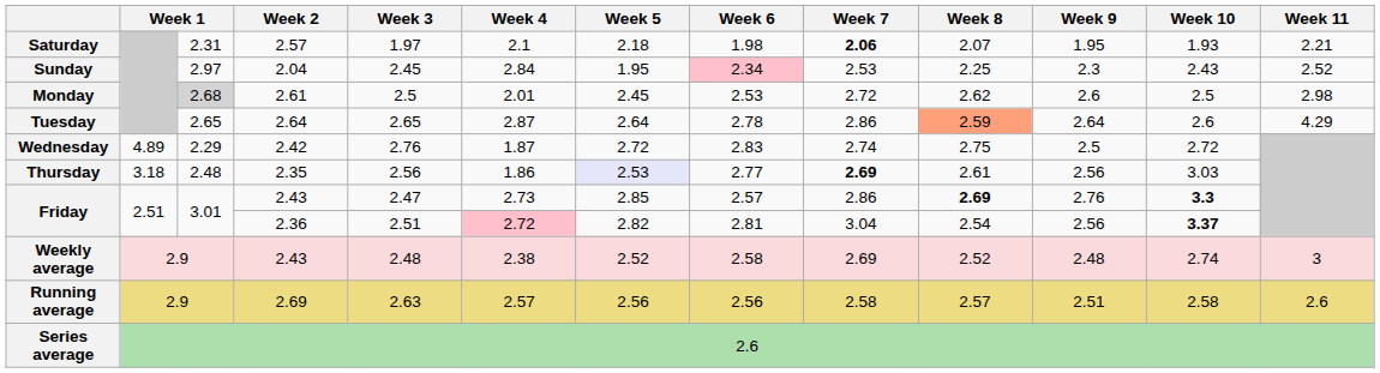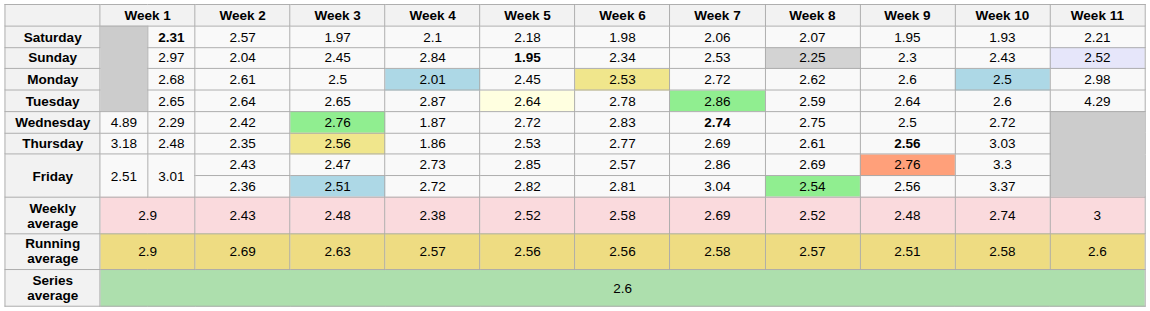 <table class="wikitable" style="font-size:90%; text-align:center; width: 96%; margin-left: auto; margin-right: auto;">
 <tr>
 <th style="width:8%"></th>
 <th style="width:8%" colspan=2>Week 1</th>
 <th style="width:8%">Week 2</th>
 <th style="width:8%">Week 3</th>
 <th style="width:8%">Week 4</th>
 <th style="width:8%">Week 5</th>
 <th style="width:8%">Week 6</th>
 <th style="width:8%">Week 7</th>
 <th style="width:8%">Week 8</th>
 <th style="width:8%">Week 9</th>
 <th style="width:8%">Week 10</th>
 <th style="width:8%">Week 11</th>
 </tr>
 <tr>
 <th>Saturday</th>
 <td style="background:#ccc;" rowspan="4"></td>
-<td>2.31</td>
+<td><strong>2.31</strong></td>
 <td>2.57</td>
 <td>1.97</td>
 <td>2.1</td>
 <td>2.18</td>
 <td>1.98</td>
-<td><strong>2.06</strong></td>
+<td>2.06</td>
 <td>2.07</td>
 <td>1.95</td>
 <td>1.93</td>
 <td>2.21</td>
 </tr>
 <tr>
 <th>Sunday</th>
 <td>2.97</td>
 <td>2.04</td>
 <td>2.45</td>
 <td>2.84</td>
-<td>1.95</td>
-<td style="background: pink;">2.34</td>
+<td><strong>1.95</strong></td>
+<td>2.34</td>
 <td>2.53</td>
-<td>2.25</td>
+<td style="background: lightgrey;">2.25</td>
 <td>2.3</td>
 <td>2.43</td>
-<td>2.52</td>
+<td style="background: lavender;">2.52</td>
 </tr>
 <tr>
 <th>Monday</th>
-<td style="background: lightgrey;">2.68</td>
+<td>2.68</td>
 <td>2.61</td>
 <td>2.5</td>
-<td>2.01</td>
+<td style="background: lightblue;">2.01</td>
 <td>2.45</td>
-<td>2.53</td>
+<td style="background: khaki;">2.53</td>
 <td>2.72</td>
 <td>2.62</td>
 <td>2.6</td>
-<td>2.5</td>
+<td style="background: lightblue;">2.5</td>
 <td>2.98</td>
 </tr>
 <tr>
 <th>Tuesday</th>
 <td>2.65</td>
 <td>2.64</td>
 <td>2.65</td>
 <td>2.87</td>
-<td>2.64</td>
+<td style="background: lightyellow;">2.64</td>
 <td>2.78</td>
-<td>2.86</td>
-<td style="background: lightsalmon;">2.59</td>
+<td style="background: lightgreen;">2.86</td>
+<td>2.59</td>
 <td>2.64</td>
 <td>2.6</td>
 <td>4.29</td>
 </tr>
 <tr>
 <th>Wednesday</th>
 <td>4.89</td>
 <td>2.29</td>
 <td>2.42</td>
-<td>2.76</td>
+<td style="background: lightgreen;">2.76</td>
 <td>1.87</td>
 <td>2.72</td>
 <td>2.83</td>
-<td>2.74</td>
+<td><strong>2.74</strong></td>
 <td>2.75</td>
 <td>2.5</td>
 <td>2.72</td>
 <td style="background:#ccc;" rowspan="4"></td>
 </tr>
 <tr>
 <th>Thursday</th>
 <td>3.18</td>
 <td>2.48</td>
 <td>2.35</td>
-<td>2.56</td>
+<td style="background: khaki;">2.56</td>
 <td>1.86</td>
-<td style="background: lavender;">2.53</td>
+<td>2.53</td>
 <td>2.77</td>
-<td><strong>2.69</strong></td>
+<td>2.69</td>
 <td>2.61</td>
-<td>2.56</td>
+<td><strong>2.56</strong></td>
 <td>3.03</td>
 </tr>
 <tr>
 <th rowspan="2">Friday</th>
 <td rowspan="2">2.51</td>
 <td rowspan="2">3.01</td>
 <td>2.43</td>
 <td>2.47</td>
 <td>2.73</td>
 <td>2.85</td>
 <td>2.57</td>
 <td>2.86</td>
-<td><strong>2.69</strong></td>
-<td>2.76</td>
-<td><strong>3.3</strong></td>
+<td>2.69</td>
+<td style="background: lightsalmon;">2.76</td>
+<td>3.3</td>
 </tr>
 <tr>
 <td>2.36</td>
-<td>2.51</td>
-<td style="background: pink;">2.72</td>
+<td style="background: lightblue;">2.51</td>
+<td>2.72</td>
 <td>2.82</td>
 <td>2.81</td>
 <td>3.04</td>
-<td>2.54</td>
+<td style="background: lightgreen;">2.54</td>
 <td>2.56</td>
-<td><strong>3.37</strong></td>
+<td>3.37</td>
 </tr>
 <tr>
 <th>Weekly<br>average</th>
 <td colspan="2" style="background:#FADADD;">2.9</td>
 <td style="background:#FADADD;">2.43</td>
 <td style="background:#FADADD;">2.48</td>
 <td style="background:#FADADD;">2.38</td>
 <td style="background:#FADADD;">2.52</td>
 <td style="background:#FADADD;">2.58</td>
 <td style="background:#FADADD;">2.69</td>
 <td style="background:#FADADD;">2.52</td>
 <td style="background:#FADADD;">2.48</td>
 <td style="background:#FADADD;">2.74</td>
 <td style="background:#FADADD;">3</td>
 </tr>
 <tr>
 <th>Running<br>average</th>
 <td colspan="2" style="background:#EEDC82;">2.9</td>
 <td style="background:#EEDC82;">2.69</td>
 <td style="background:#EEDC82;">2.63</td>
 <td style="background:#EEDC82;">2.57</td>
 <td style="background:#EEDC82;">2.56</td>
 <td style="background:#EEDC82;">2.56</td>
 <td style="background:#EEDC82;">2.58</td>
 <td style="background:#EEDC82;">2.57</td>
 <td style="background:#EEDC82;">2.51</td>
 <td style="background:#EEDC82;">2.58</td>
 <td style="background:#EEDC82;">2.6</td>
 </tr>
 <tr>
 <th>Series<br>average</th>
 <td colspan="12" style="background:#ADDFAD;">2.6</td>
 </tr>
 </table>
